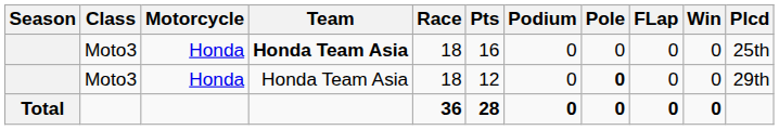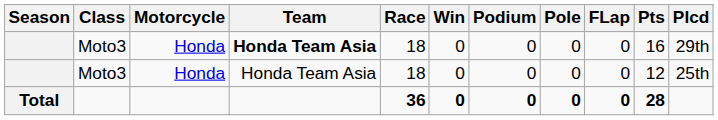 <table class="wikitable" style=text-align:right>
 <tr>
 <th>Season</th>
 <th>Class</th>
 <th>Motorcycle</th>
 <th>Team</th>
 <th>Race</th>
-<th>Pts</th>
+<th>Win</th>
 <th>Podium</th>
 <th>Pole</th>
 <th>FLap</th>
-<th>Win</th>
+<th>Pts</th>
 <th>Plcd</th>
 </tr>
 <tr>
 <th></th>
 <td>Moto3</td>
 <td><a href='#'>Honda</a></td>
 <td><strong>Honda Team Asia</strong></td>
 <td>18</td>
-<td>16</td>
 <td>0</td>
 <td>0</td>
 <td>0</td>
 <td>0</td>
-<td>25th</td>
+<td>16</td>
+<td>29th</td>
 </tr>
 <tr>
 <th></th>
 <td>Moto3</td>
 <td><a href='#'>Honda</a></td>
 <td>Honda Team Asia</td>
 <td>18</td>
-<td>12</td>
-<td>0</td>
-<td><strong>0</strong></td>
 <td>0</td>
 <td>0</td>
-<td>29th</td>
+<td>0</td>
+<td>0</td>
+<td>12</td>
+<td>25th</td>
 </tr>
 <tr>
 <th>Total</th>
 <td></td>
 <td></td>
 <td></td>
 <td><strong>36</strong></td>
-<td><strong>28</strong></td>
 <td><strong>0</strong></td>
 <td><strong>0</strong></td>
 <td><strong>0</strong></td>
 <td><strong>0</strong></td>
+<td><strong>28</strong></td>
 <td></td>
 </tr>
 </table>
